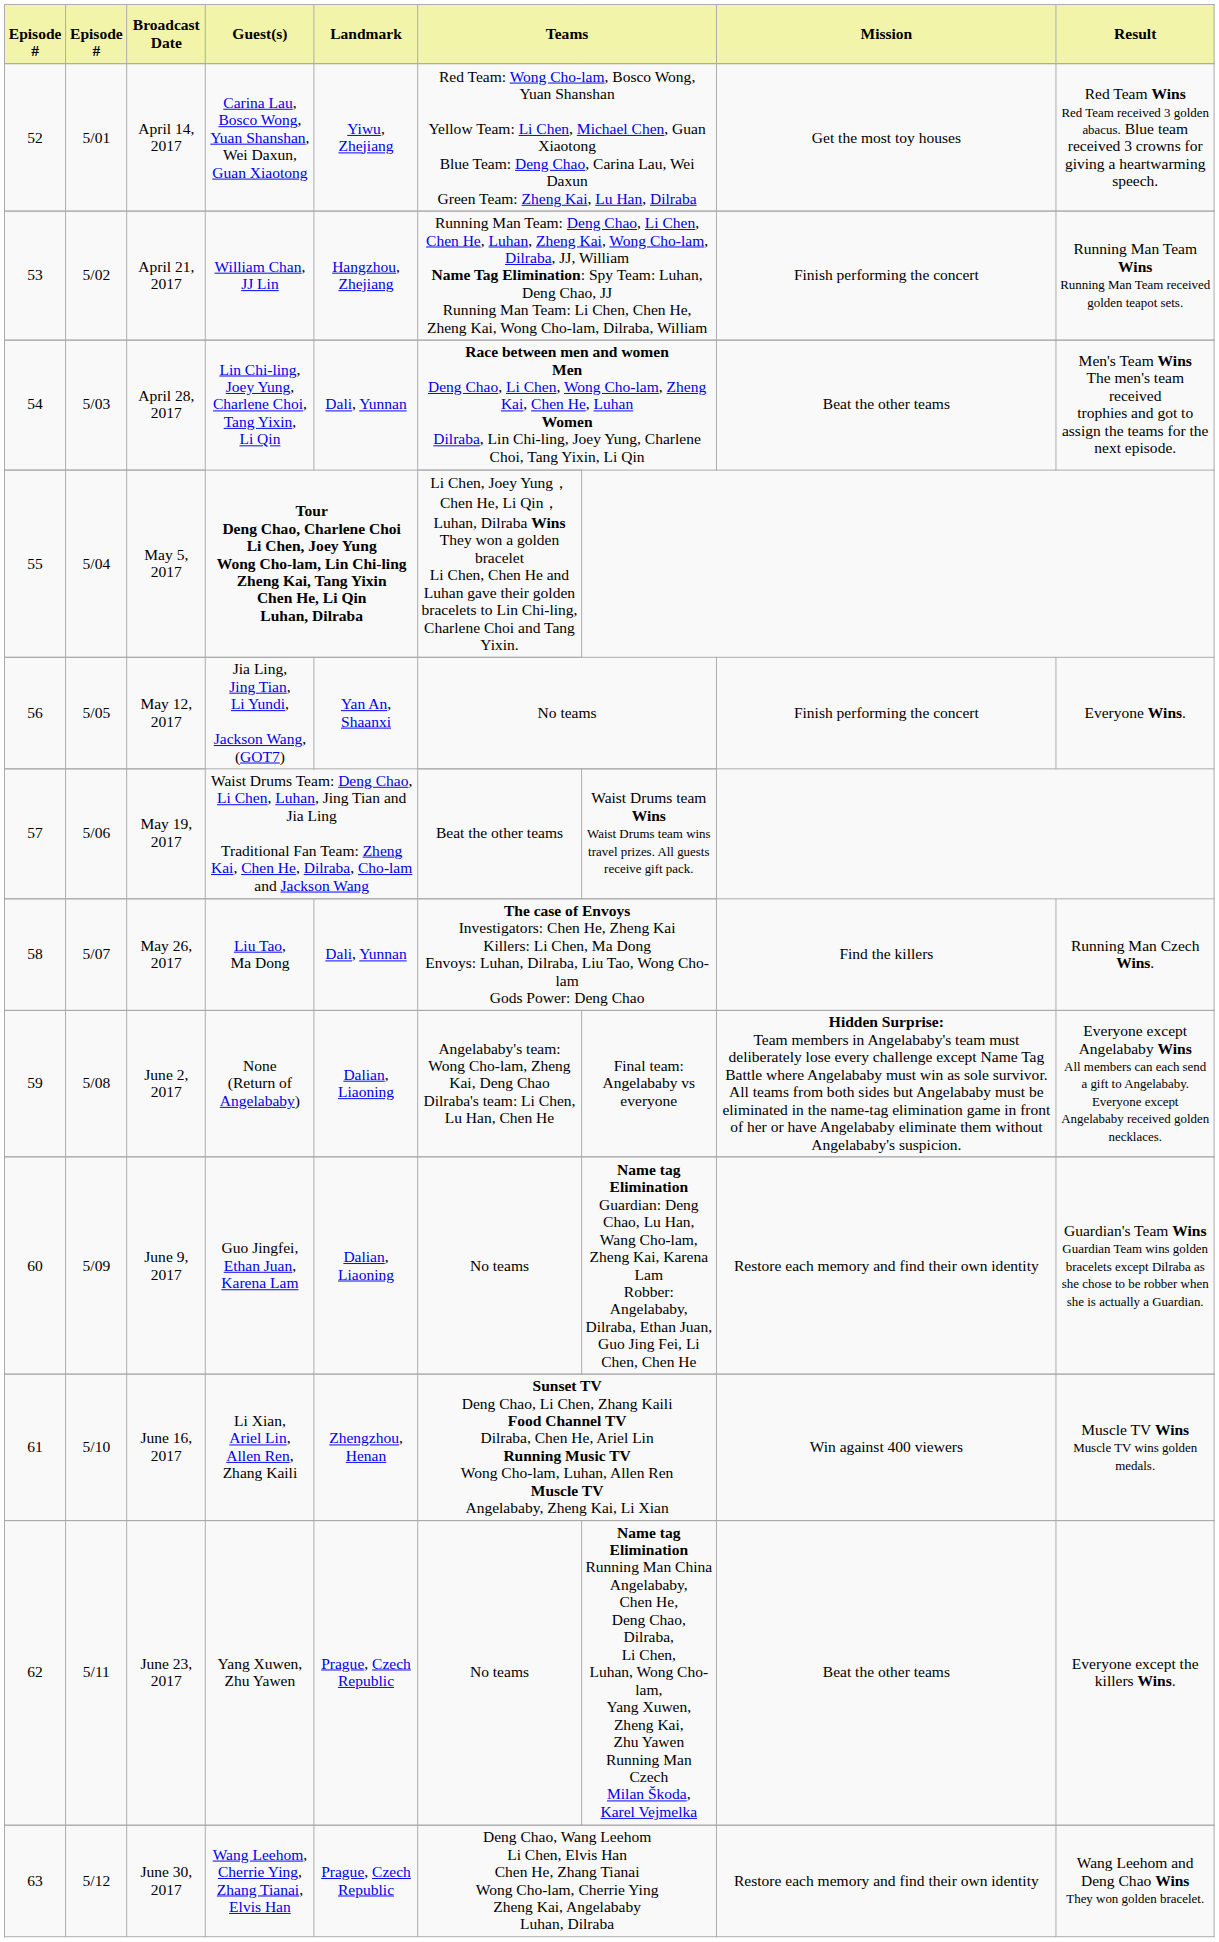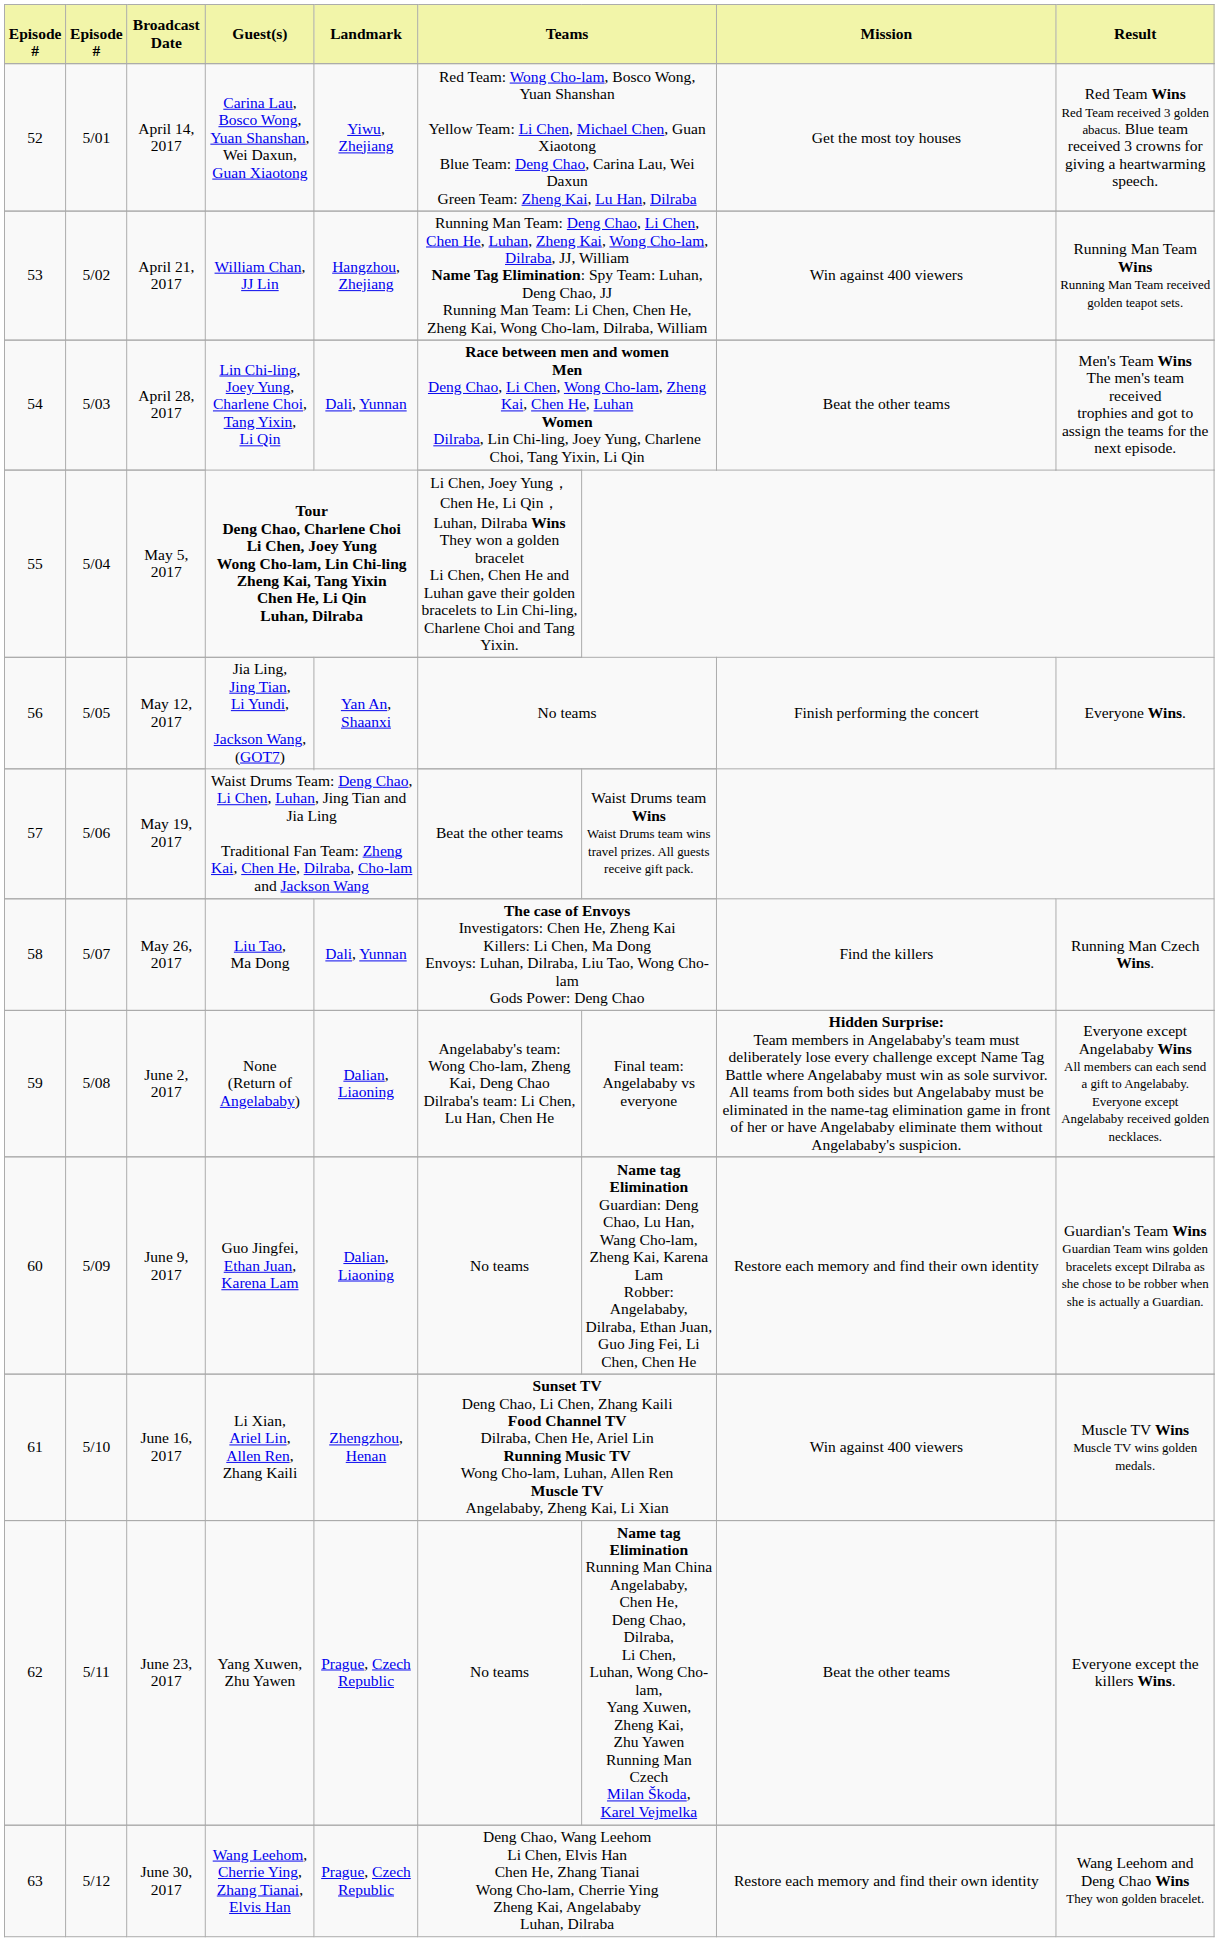 <table class="wikitable">
 <tr>
 <th style="background:#F2F5A9"><br>Episode #</th>
 <th style="background:#F2F5A9"><br>Episode #</th>
 <th style="background:#F2F5A9">Broadcast Date</th>
 <th style="background:#F2F5A9">Guest(s)</th>
 <th style="background:#F2F5A9">Landmark</th>
 <th style="background:#F2F5A9" colspan="2">Teams</th>
 <th style="background:#F2F5A9">Mission</th>
 <th style="background:#F2F5A9">Result</th>
 </tr>
 <tr>
 </tr>
 <tr style="text-align:center;">
 <td>52</td>
 <td>5/01</td>
 <td>April 14, 2017</td>
 <td><a href='#'>Carina Lau</a>,<br><a href='#'>Bosco Wong</a>,<br><a href='#'>Yuan Shanshan</a>,<br>Wei Daxun,<br><a href='#'>Guan Xiaotong</a></td>
 <td><a href='#'>Yiwu</a>, <a href='#'>Zhejiang</a></td>
 <td colspan=2>Red Team: <a href='#'>Wong Cho-lam</a>, Bosco Wong, Yuan Shanshan<br><br>Yellow Team: <a href='#'>Li Chen</a>, <a href='#'>Michael Chen</a>, Guan Xiaotong<br> Blue Team: <a href='#'>Deng Chao</a>, Carina Lau, Wei Daxun<br> Green Team: <a href='#'>Zheng Kai</a>, <a href='#'>Lu Han</a>, <a href='#'>Dilraba</a></td>
 <td>Get the most toy houses</td>
 <td>Red Team <strong>Wins</strong><br><small>Red Team received 3 golden abacus.</small> Blue team received 3 crowns for giving a heartwarming speech.</td>
 </tr>
 <tr>
 </tr>
 <tr style="text-align:center;">
 <td>53</td>
 <td>5/02</td>
 <td>April 21, 2017</td>
 <td><a href='#'>William Chan</a>,<br><a href='#'>JJ Lin</a></td>
 <td><a href='#'>Hangzhou</a>, <a href='#'>Zhejiang</a></td>
 <td colspan=2>Running Man Team: <a href='#'>Deng Chao</a>, <a href='#'>Li Chen</a>, <a href='#'>Chen He</a>, <a href='#'>Luhan</a>, <a href='#'>Zheng Kai</a>, <a href='#'>Wong Cho-lam</a>, <a href='#'>Dilraba</a>, JJ, William<br><strong>Name Tag Elimination</strong>: Spy Team: Luhan, Deng Chao, JJ<br>Running Man Team: Li Chen, Chen He, Zheng Kai, Wong Cho-lam, Dilraba, William</td>
-<td>Finish performing the concert</td>
+<td>Win against 400 viewers</td>
 <td>Running Man Team <strong>Wins</strong><br><small>Running Man Team received golden teapot sets.</small></td>
 </tr>
 <tr>
 </tr>
 <tr style="text-align:center;">
 <td>54</td>
 <td>5/03</td>
 <td>April 28, 2017</td>
 <td rowspan=2><a href='#'>Lin Chi-ling</a>,<br><a href='#'>Joey Yung</a>,<br><a href='#'>Charlene Choi</a>,<br><a href='#'>Tang Yixin</a>,<br><a href='#'>Li Qin</a></td>
 <td rowspan=2><a href='#'>Dali</a>, <a href='#'>Yunnan</a></td>
 <td colspan="2"><strong>Race between men and women</strong><br><span><strong>Men</strong></span><br><a href='#'>Deng Chao</a>, <a href='#'>Li Chen</a>, <a href='#'>Wong Cho-lam</a>, <a href='#'>Zheng Kai</a>, <a href='#'>Chen He</a>, <a href='#'>Luhan</a><br><span><strong>Women</strong></span><br><a href='#'>Dilraba</a>, Lin Chi-ling, Joey Yung, Charlene Choi, Tang Yixin, Li Qin</td>
 <td rowspan=2>Beat the other teams</td>
 <td>Men's Team <strong>Wins</strong><br>The men's team received<br>trophies and got to assign the teams for the next episode.</td>
 </tr>
 <tr>
 </tr>
 <tr style="text-align:center;">
 <td>55</td>
 <td>5/04</td>
 <td>May 5, 2017</td>
 <td colspan="2"><strong>Tour</strong><br><span><strong>Deng Chao, Charlene Choi</strong></span><br><span><strong>Li Chen, Joey Yung</strong></span><br><span><strong>Wong Cho-lam, Lin Chi-ling</strong></span><br><span><strong>Zheng Kai, Tang Yixin</strong></span><br><span><strong>Chen He, Li Qin</strong></span><br><span><strong>Luhan, Dilraba</strong></span><br></td>
 <td>Li Chen, Joey Yung，Chen He, Li Qin，Luhan, Dilraba <strong>Wins</strong><br>They won a golden bracelet<br>Li Chen, Chen He and Luhan gave their golden bracelets to Lin Chi-ling, Charlene Choi and Tang Yixin.</td>
 </tr>
 <tr>
 </tr>
 <tr style="text-align:center;">
 <td>56</td>
 <td>5/05</td>
 <td>May 12, 2017</td>
 <td rowspan="2">Jia Ling,<br><a href='#'>Jing Tian</a>, <br> <a href='#'>Li Yundi</a>,<br><br><a href='#'>Jackson Wang</a>, (<a href='#'>GOT7</a>)</td>
 <td rowspan="2"><a href='#'>Yan An</a>, <a href='#'>Shaanxi</a></td>
 <td colspan="2">No teams</td>
 <td>Finish performing the concert</td>
 <td>Everyone <strong>Wins</strong>.</td>
 </tr>
 <tr>
 </tr>
 <tr style="text-align:center;">
 <td>57</td>
 <td>5/06</td>
 <td>May 19, 2017</td>
 <td colspan="2">Waist Drums Team: <a href='#'>Deng Chao</a>, <a href='#'>Li Chen</a>, <a href='#'>Luhan</a>, Jing Tian and Jia Ling<br><br>Traditional Fan Team: <a href='#'>Zheng Kai</a>, <a href='#'>Chen He</a>, <a href='#'>Dilraba</a>, <a href='#'>Cho-lam</a> and <a href='#'>Jackson Wang</a></td>
 <td>Beat the other teams</td>
 <td>Waist Drums team <strong>Wins</strong><br><small>Waist Drums team wins travel prizes. All guests receive gift pack.</small></td>
 </tr>
 <tr>
 </tr>
 <tr style="text-align:center;">
 <td>58</td>
 <td>5/07</td>
 <td>May 26, 2017</td>
 <td><a href='#'>Liu Tao</a>,<br>Ma Dong</td>
 <td><a href='#'>Dali</a>, <a href='#'>Yunnan</a></td>
 <td colspan="2"><strong>The case of Envoys</strong><br>Investigators: Chen He, Zheng Kai<br>Killers: Li Chen, Ma Dong<br>Envoys: Luhan, Dilraba, Liu Tao, Wong Cho-lam<br>Gods Power: Deng Chao</td>
 <td>Find the killers</td>
 <td>Running Man Czech <strong>Wins</strong>.</td>
 </tr>
 <tr>
 </tr>
 <tr style="text-align:center;">
 <td>59</td>
 <td>5/08</td>
 <td>June 2, 2017</td>
 <td>None<br>(Return of <a href='#'>Angelababy</a>)</td>
 <td><a href='#'>Dalian</a>, <a href='#'>Liaoning</a></td>
 <td>Angelababy's team: Wong Cho-lam, Zheng Kai, Deng Chao<br>Dilraba's team: Li Chen, Lu Han, Chen He</td>
 <td>Final team: Angelababy vs everyone</td>
 <td><strong>Hidden Surprise:</strong><br>Team members in Angelababy's team must deliberately lose every challenge except Name Tag Battle where Angelababy must win as sole survivor. All teams from both sides but Angelababy must be eliminated in the name-tag elimination game in front of her or have Angelababy eliminate them without Angelababy's suspicion.</td>
 <td>Everyone except Angelababy <strong>Wins</strong><br><small>All members can each send a gift to Angelababy. Everyone except Angelababy received golden necklaces.</small></td>
 </tr>
 <tr>
 </tr>
 <tr style="text-align:center;">
 <td>60</td>
 <td>5/09</td>
 <td>June 9, 2017</td>
 <td>Guo Jingfei,<br><a href='#'>Ethan Juan</a>,<br><a href='#'>Karena Lam</a></td>
 <td><a href='#'>Dalian</a>, <a href='#'>Liaoning</a></td>
 <td>No teams</td>
 <td><strong>Name tag Elimination</strong><br>Guardian: Deng Chao, Lu Han, Wang Cho-lam, Zheng Kai, Karena Lam<br>Robber: Angelababy, Dilraba, Ethan Juan, Guo Jing Fei, Li Chen, Chen He</td>
 <td>Restore each memory and find their own identity</td>
 <td>Guardian's Team <strong>Wins</strong><br><small>Guardian Team wins golden bracelets except Dilraba as she chose to be robber when she is actually a Guardian.</small></td>
 </tr>
 <tr>
 </tr>
 <tr style="text-align:center;">
 <td>61</td>
 <td>5/10</td>
 <td>June 16, 2017</td>
 <td>Li Xian,<br><a href='#'>Ariel Lin</a>,<br><a href='#'>Allen Ren</a>,<br>Zhang Kaili</td>
 <td><a href='#'>Zhengzhou</a>, <a href='#'>Henan</a></td>
 <td colspan="2"><span><strong>Sunset TV</strong></span><br>Deng Chao, Li Chen, Zhang Kaili<br><span><strong>Food Channel TV</strong></span><br>Dilraba, Chen He, Ariel Lin <br><span><strong>Running Music TV</strong></span><br>Wong Cho-lam, Luhan, Allen Ren<br><span><strong>Muscle TV</strong></span><br>Angelababy, Zheng Kai, Li Xian</td>
 <td>Win against 400 viewers</td>
 <td>Muscle TV <strong>Wins</strong><br><small>Muscle TV wins golden medals.</small></td>
 </tr>
 <tr>
 </tr>
 <tr style="text-align:center;">
 <td>62</td>
 <td>5/11</td>
 <td>June 23, 2017</td>
 <td>Yang Xuwen,<br>Zhu Yawen</td>
 <td><a href='#'>Prague</a>, <a href='#'>Czech Republic</a></td>
 <td>No teams</td>
 <td><strong>Name tag Elimination</strong><br><span>Running Man China</span><br>Angelababy,<br>Chen He,<br>Deng Chao,<br>Dilraba,<br>Li Chen,<br>Luhan, Wong Cho-lam,<br>Yang Xuwen,<br>Zheng Kai,<br>Zhu Yawen<br><span>Running Man Czech</span><br><a href='#'>Milan Škoda</a>,<br><a href='#'>Karel Vejmelka</a></td>
 <td>Beat the other teams</td>
 <td>Everyone except the killers <strong>Wins</strong>.</td>
 </tr>
 <tr>
 </tr>
 <tr style="text-align:center;">
 <td>63</td>
 <td>5/12</td>
 <td>June 30, 2017</td>
 <td><a href='#'>Wang Leehom</a>,<br><a href='#'>Cherrie Ying</a>,<br><a href='#'>Zhang Tianai</a>,<br><a href='#'>Elvis Han</a></td>
 <td><a href='#'>Prague</a>, <a href='#'>Czech Republic</a></td>
 <td colspan="2">Deng Chao, Wang Leehom<br>Li Chen, Elvis Han<br>Chen He, Zhang Tianai<br>Wong Cho-lam, Cherrie Ying<br>Zheng Kai, Angelababy<br>Luhan, Dilraba</td>
 <td>Restore each memory and find their own identity</td>
 <td>Wang Leehom and Deng Chao <strong>Wins</strong><br><small>They won golden bracelet.</small></td>
 </tr>
 </table>
